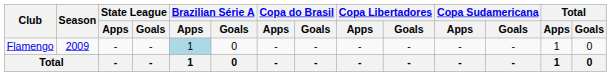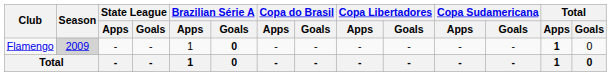 <table class="wikitable" style="text-align: center;">
 <tr>
 <th rowspan="2">Club</th>
 <th rowspan="2">Season</th>
 <th colspan="2">State League</th>
 <th colspan="2"><a href='#'>Brazilian Série A</a></th>
 <th colspan="2"><a href='#'>Copa do Brasil</a></th>
 <th colspan="2"><a href='#'>Copa Libertadores</a></th>
 <th colspan="2"><a href='#'>Copa Sudamericana</a></th>
 <th colspan="2">Total</th>
 </tr>
 <tr>
 <th>Apps</th>
 <th>Goals</th>
 <th>Apps</th>
 <th>Goals</th>
 <th>Apps</th>
 <th>Goals</th>
 <th>Apps</th>
 <th>Goals</th>
 <th>Apps</th>
 <th>Goals</th>
 <th>Apps</th>
 <th>Goals</th>
 </tr>
 <tr>
 <td rowspan="1" valign="center"><a href='#'>Flamengo</a></td>
-<td><a href='#'>2009</a></td>
+<td style="background: lightgrey;"><a href='#'>2009</a></td>
 <td>-</td>
 <td>-</td>
-<td style="background: lightblue;">1</td>
-<td>0</td>
+<td>1</td>
+<td><strong>0</strong></td>
 <td>-</td>
 <td>-</td>
 <td>-</td>
 <td>-</td>
 <td>-</td>
 <td>-</td>
-<td>1</td>
+<td><strong>1</strong></td>
 <td>0</td>
 </tr>
 <tr>
 <th colspan="2"><strong>Total</strong></th>
 <th>-</th>
 <th>-</th>
 <th>1</th>
 <th>0</th>
 <th>-</th>
 <th>-</th>
 <th>-</th>
 <th>-</th>
 <th>-</th>
 <th>-</th>
 <th>1</th>
 <th>0</th>
 </tr>
 </table>
